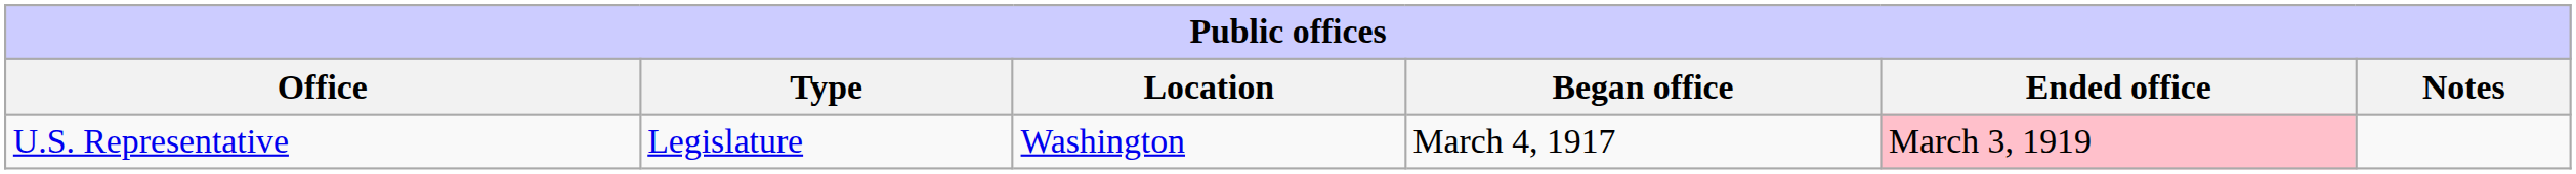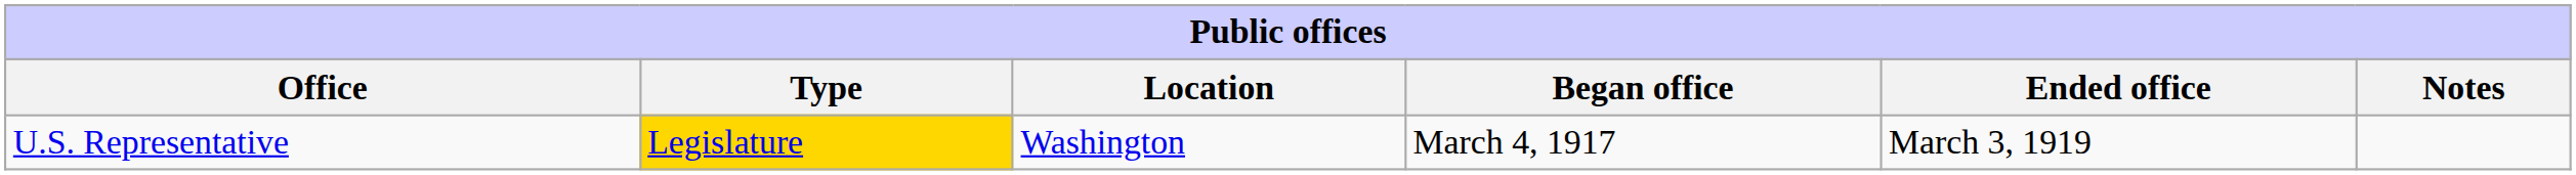 <table class=wikitable style="width: 94%" style="text-align: center;" align="center">
 <tr bgcolor=#cccccc>
 <th colspan=7 style="background: #ccccff;">Public offices</th>
 </tr>
 <tr>
 <th><strong>Office</strong></th>
 <th><strong>Type</strong></th>
 <th><strong>Location</strong></th>
 <th><strong>Began office</strong></th>
 <th><strong>Ended office</strong></th>
 <th><strong>Notes</strong></th>
 </tr>
 <tr>
 <td><a href='#'>U.S. Representative</a></td>
-<td><a href='#'>Legislature</a></td>
+<td style="background: gold;"><a href='#'>Legislature</a></td>
 <td><a href='#'>Washington</a></td>
 <td>March 4, 1917</td>
-<td style="background: pink;">March 3, 1919</td>
+<td>March 3, 1919</td>
 <td></td>
 </tr>
 </table>
